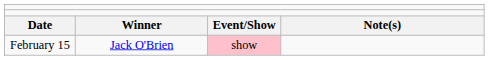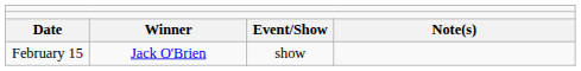 <table class="wikitable" style="text-align:center; width:100%;">
 <tr>
 <td colspan=5></td>
 </tr>
 <tr>
 <td colspan=5><strong></strong></td>
 </tr>
 <tr>
 <th width=14%>Date</th>
 <th width=26%>Winner</th>
 <th width=14%>Event/Show</th>
 <th width=40%>Note(s)</th>
 </tr>
 <tr>
 <td>February 15</td>
 <td><a href='#'>Jack O'Brien</a></td>
-<td style="background: pink;">show</td>
+<td>show</td>
 <td align=left></td>
 </tr>
 </table>
